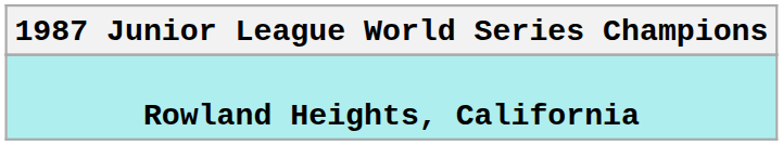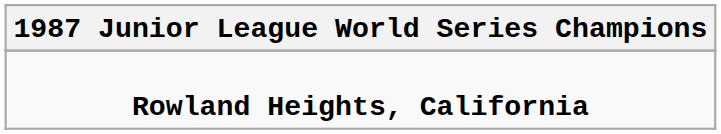 <table class="wikitable" style="text-align: center; margin: 0 auto;">
 <tr>
 <th>1987 Junior League World Series Champions</th>
 </tr>
 <tr>
 </tr>
 <tr>
-<td style="background: paleturquoise;"><br><strong>Rowland Heights, California</strong></td>
+<td><br><strong>Rowland Heights, California</strong></td>
 </tr>
 </table>
